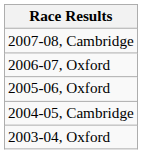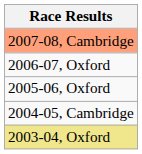 <table class="wikitable" border="1">
 <tr>
 <th>Race Results</th>
 </tr>
 <tr>
-<td>2007-08, Cambridge</td>
+<td style="background: lightsalmon;">2007-08, Cambridge</td>
 </tr>
 <tr>
 <td>2006-07, Oxford</td>
 </tr>
 <tr>
 <td>2005-06, Oxford</td>
 </tr>
 <tr>
 <td>2004-05, Cambridge</td>
 </tr>
 <tr>
-<td>2003-04, Oxford</td>
+<td style="background: khaki;">2003-04, Oxford</td>
 </tr>
 </table>
